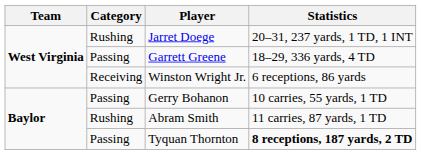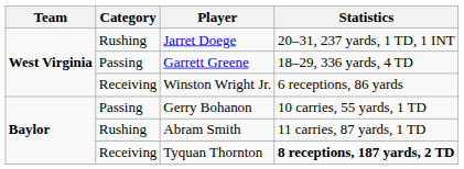 <table class="wikitable" style="float: right;">
 <tr>
 <th>Team</th>
 <th>Category</th>
 <th>Player</th>
 <th>Statistics</th>
 </tr>
 <tr>
 <td rowspan=3><strong>West Virginia</strong></td>
 <td>Rushing</td>
 <td><a href='#'>Jarret Doege</a></td>
 <td>20–31, 237 yards, 1 TD, 1 INT</td>
 </tr>
 <tr>
 <td>Passing</td>
 <td><a href='#'>Garrett Greene</a></td>
 <td>18–29, 336 yards, 4 TD</td>
 </tr>
 <tr>
 <td>Receiving</td>
 <td>Winston Wright Jr.</td>
 <td>6 receptions, 86 yards</td>
 </tr>
 <tr>
 <td rowspan=3><strong>Baylor</strong></td>
 <td>Passing</td>
 <td>Gerry Bohanon</td>
 <td>10 carries, 55 yards, 1 TD</td>
 </tr>
 <tr>
 <td>Rushing</td>
 <td>Abram Smith</td>
 <td>11 carries, 87 yards, 1 TD</td>
 </tr>
 <tr>
-<td>Passing</td>
+<td>Receiving</td>
 <td>Tyquan Thornton</td>
 <td><strong>8 receptions, 187 yards, 2 TD</strong></td>
 </tr>
 </table>
